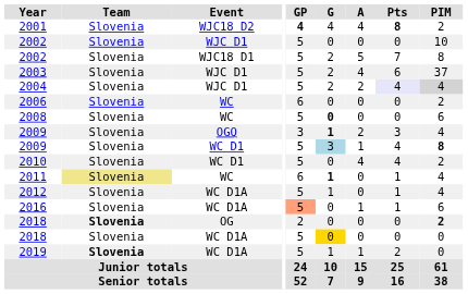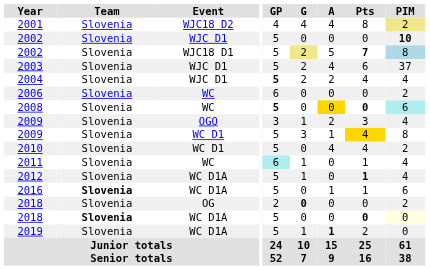 <table border="0" cellpadding="1" cellspacing="0" ID="Table3" style="text-align:center; width:40em">
 <tr ALIGN="center" bgcolor="#e0e0e0">
 <th>Year</th>
 <th>Team</th>
 <th>Event</th>
 <th rowspan="99" bgcolor="#ffffff"></th>
 <th>GP</th>
 <th>G</th>
 <th>A</th>
 <th>Pts</th>
 <th>PIM</th>
 </tr>
 <tr>
 <td><a href='#'>2001</a></td>
 <td><a href='#'>Slovenia</a></td>
 <td><a href='#'>WJC18 D2</a></td>
-<td><strong>4</strong></td>
 <td>4</td>
 <td>4</td>
-<td><strong>8</strong></td>
-<td>2</td>
+<td>4</td>
+<td>8</td>
+<td style="background: khaki;">2</td>
 </tr>
 <tr bgcolor="#f0f0f0">
 <td><a href='#'>2002</a></td>
 <td><a href='#'>Slovenia</a></td>
 <td><a href='#'>WJC D1</a></td>
 <td>5</td>
 <td>0</td>
 <td>0</td>
 <td>0</td>
-<td>10</td>
+<td><strong>10</strong></td>
 </tr>
 <tr>
 <td><a href='#'>2002</a></td>
 <td>Slovenia</td>
 <td>WJC18 D1</td>
 <td>5</td>
-<td>2</td>
+<td style="background: khaki;">2</td>
 <td>5</td>
-<td>7</td>
-<td>8</td>
+<td><strong>7</strong></td>
+<td style="background: lightblue;">8</td>
 </tr>
 <tr bgcolor="#f0f0f0">
 <td><a href='#'>2003</a></td>
 <td>Slovenia</td>
 <td>WJC D1</td>
 <td>5</td>
 <td>2</td>
 <td>4</td>
 <td>6</td>
 <td>37</td>
 </tr>
 <tr>
 <td><a href='#'>2004</a></td>
 <td>Slovenia</td>
 <td>WJC D1</td>
-<td>5</td>
+<td><strong>5</strong></td>
 <td>2</td>
 <td>2</td>
-<td style="background: lavender;">4</td>
-<td style="background: lightgrey;">4</td>
+<td>4</td>
+<td>4</td>
 </tr>
 <tr bgcolor="#f0f0f0">
 <td><a href='#'>2006</a></td>
 <td><a href='#'>Slovenia</a></td>
 <td><a href='#'>WC</a></td>
 <td>6</td>
 <td>0</td>
 <td>0</td>
 <td>0</td>
 <td>2</td>
 </tr>
 <tr>
 <td><a href='#'>2008</a></td>
 <td>Slovenia</td>
 <td>WC</td>
-<td>5</td>
+<td><strong>5</strong></td>
+<td>0</td>
+<td style="background: gold;">0</td>
 <td><strong>0</strong></td>
-<td>0</td>
-<td>0</td>
-<td>6</td>
+<td style="background: paleturquoise;">6</td>
 </tr>
 <tr bgcolor="#f0f0f0">
 <td><a href='#'>2009</a></td>
 <td>Slovenia</td>
 <td><a href='#'>OGQ</a></td>
 <td>3</td>
-<td><strong>1</strong></td>
+<td>1</td>
 <td>2</td>
 <td>3</td>
 <td>4</td>
 </tr>
 <tr>
 <td><a href='#'>2009</a></td>
 <td>Slovenia</td>
 <td><a href='#'>WC D1</a></td>
 <td>5</td>
-<td style="background: lightblue;">3</td>
+<td>3</td>
 <td>1</td>
-<td>4</td>
-<td><strong>8</strong></td>
+<td style="background: gold;">4</td>
+<td>8</td>
 </tr>
 <tr bgcolor="#f0f0f0">
 <td><a href='#'>2010</a></td>
 <td>Slovenia</td>
 <td>WC D1</td>
 <td>5</td>
 <td>0</td>
 <td>4</td>
 <td>4</td>
 <td>2</td>
 </tr>
 <tr>
 <td><a href='#'>2011</a></td>
-<td style="background: khaki;">Slovenia</td>
+<td>Slovenia</td>
 <td>WC</td>
-<td>6</td>
-<td><strong>1</strong></td>
+<td style="background: paleturquoise;">6</td>
+<td>1</td>
 <td>0</td>
 <td>1</td>
 <td>4</td>
 </tr>
 <tr bgcolor="#f0f0f0">
 <td><a href='#'>2012</a></td>
 <td>Slovenia</td>
 <td>WC D1A</td>
 <td>5</td>
 <td>1</td>
 <td>0</td>
-<td>1</td>
+<td><strong>1</strong></td>
 <td>4</td>
 </tr>
 <tr>
 <td><a href='#'>2016</a></td>
-<td>Slovenia</td>
+<td><strong>Slovenia</strong></td>
 <td>WC D1A</td>
-<td style="background: lightsalmon;">5</td>
+<td>5</td>
 <td>0</td>
 <td>1</td>
 <td>1</td>
 <td>6</td>
 </tr>
 <tr bgcolor="#f0f0f0">
 <td><a href='#'>2018</a></td>
-<td><strong>Slovenia</strong></td>
+<td>Slovenia</td>
 <td>OG</td>
 <td>2</td>
+<td><strong>0</strong></td>
 <td>0</td>
 <td>0</td>
-<td>0</td>
-<td><strong>2</strong></td>
+<td>2</td>
 </tr>
 <tr>
 <td><a href='#'>2018</a></td>
+<td><strong>Slovenia</strong></td>
+<td>WC D1A</td>
+<td>5</td>
+<td>0</td>
+<td>0</td>
+<td><strong>0</strong></td>
+<td style="background: lightyellow;">0</td>
+</tr>
+<tr bgcolor="#f0f0f0">
+<td><a href='#'>2019</a></td>
 <td>Slovenia</td>
 <td>WC D1A</td>
 <td>5</td>
-<td style="background: gold;">0</td>
-<td>0</td>
-<td>0</td>
-<td>0</td>
-</tr>
-<tr bgcolor="#f0f0f0">
-<td><a href='#'>2019</a></td>
-<td><strong>Slovenia</strong></td>
-<td>WC D1A</td>
-<td>5</td>
 <td>1</td>
-<td>1</td>
+<td><strong>1</strong></td>
 <td>2</td>
 <td>0</td>
 </tr>
 <tr bgcolor="#e0e0e0">
 <th colspan=3>Junior totals</th>
 <th>24</th>
 <th>10</th>
 <th>15</th>
 <th>25</th>
 <th>61</th>
 </tr>
 <tr bgcolor="#e0e0e0">
 <th colspan=3>Senior totals</th>
 <th>52</th>
 <th>7</th>
 <th>9</th>
 <th>16</th>
 <th>38</th>
 </tr>
 </table>
